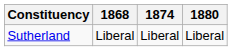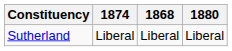 <table class="wikitable">
 <tr>
 <th>Constituency</th>
+<th>1874</th>
 <th>1868</th>
-<th>1874</th>
 <th>1880</th>
 </tr>
 <tr>
 <td><a href='#'>Sutherland</a></td>
 <td>Liberal</td>
 <td>Liberal</td>
 <td>Liberal</td>
 </tr>
 </table>
